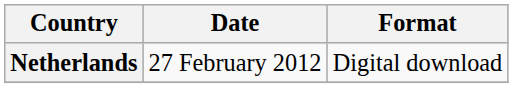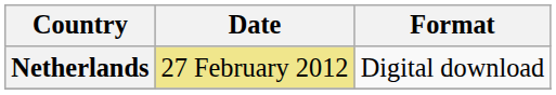 <table class="wikitable plainrowheaders">
 <tr>
 <th scope="col">Country</th>
 <th scope="col">Date</th>
 <th scope="col">Format</th>
 </tr>
 <tr>
 <th scope="row">Netherlands</th>
-<td>27 February 2012</td>
+<td style="background: khaki;">27 February 2012</td>
 <td>Digital download</td>
 </tr>
 <tr>
 </tr>
 </table>
